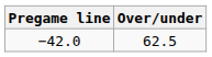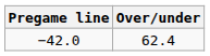 <table class="wikitable" style="margin-left: auto; margin-right: auto; border: none; display: inline-table;">
 <tr style="text-align:center">
 <th style=>Pregame line</th>
 <th style=>Over/under</th>
 </tr>
 <tr style="text-align:center">
 <td>−42.0</td>
-<td>62.5</td>
+<td>62.4</td>
 </tr>
 </table>
